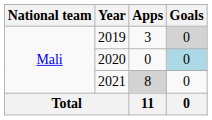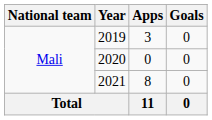 <table class="wikitable" style="text-align: center">
 <tr>
 <th>National team</th>
 <th>Year</th>
 <th>Apps</th>
 <th>Goals</th>
 </tr>
 <tr>
 <td rowspan="3"><a href='#'>Mali</a></td>
 <td>2019</td>
 <td>3</td>
-<td style="background: lightgrey;">0</td>
+<td>0</td>
 </tr>
 <tr>
 <td>2020</td>
 <td>0</td>
-<td style="background: lightblue;">0</td>
+<td>0</td>
 </tr>
 <tr>
 <td>2021</td>
-<td style="background: lightgrey;">8</td>
+<td>8</td>
 <td>0</td>
 </tr>
 <tr>
 <th colspan="2">Total</th>
 <th>11</th>
 <th>0</th>
 </tr>
 </table>
